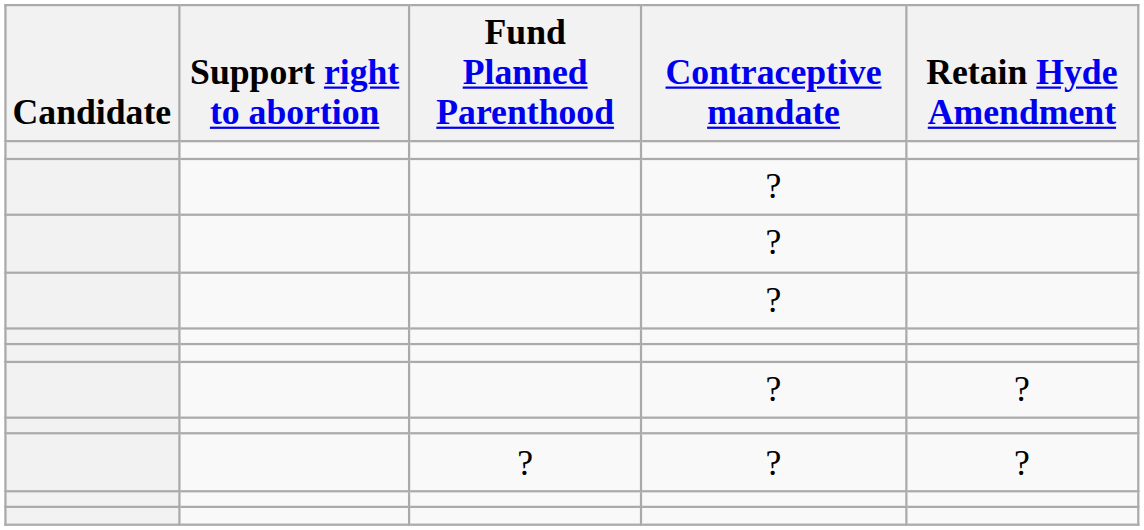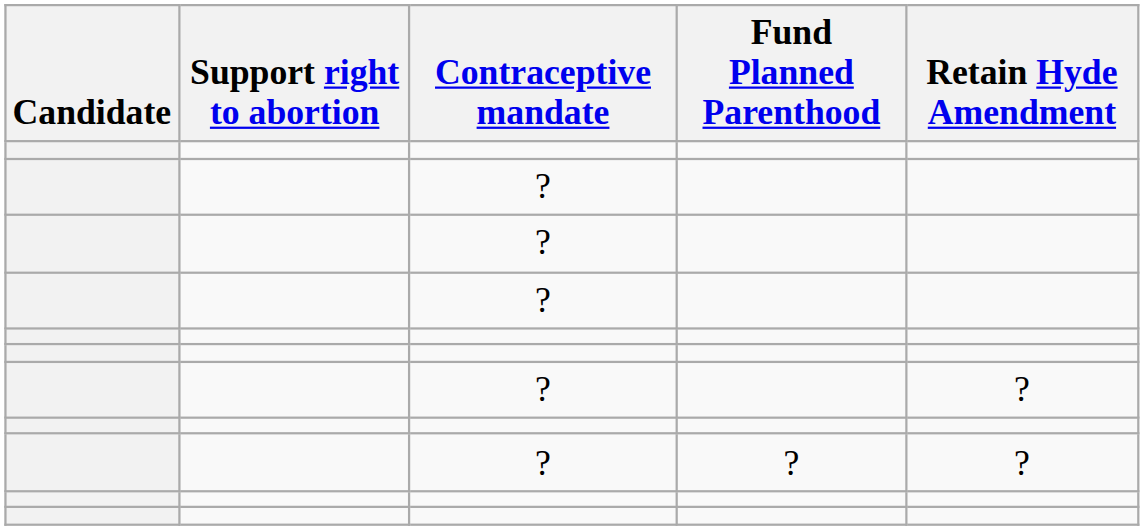 <table class="wikitable sortable" style=margin:auto;table-layout:fixed;text-align:center>
 <tr valign=bottom>
 <th>Candidate</th>
 <th style=max-width:6em>Support <a href='#'>right to abortion</a></th>
+<th style=max-width:7em><a href='#'>Contraceptive mandate</a></th>
 <th style=max-width:6em>Fund <a href='#'>Planned Parenthood</a></th>
-<th style=max-width:7em><a href='#'>Contraceptive mandate</a></th>
 <th style=max-width:6em>Retain <a href='#'>Hyde Amendment</a></th>
 </tr>
 <tr>
 <th></th>
 <td></td>
 <td></td>
 <td></td>
 <td></td>
 </tr>
 <tr>
 <th></th>
 <td></td>
+<td>?</td>
 <td></td>
-<td>?</td>
 <td></td>
 </tr>
 <tr>
 <th></th>
 <td></td>
+<td>?</td>
 <td></td>
-<td>?</td>
 <td></td>
 </tr>
 <tr>
 <th></th>
 <td></td>
+<td>?</td>
 <td></td>
-<td>?</td>
 <td></td>
 </tr>
 <tr>
 <th></th>
 <td></td>
 <td></td>
 <td></td>
 <td></td>
 </tr>
 <tr>
 <th></th>
 <td></td>
 <td></td>
 <td></td>
 <td></td>
 </tr>
 <tr>
 <th></th>
 <td></td>
+<td>?</td>
 <td></td>
-<td>?</td>
 <td>?</td>
 </tr>
 <tr>
 <th></th>
 <td></td>
 <td></td>
 <td></td>
 <td></td>
 </tr>
 <tr>
 <th></th>
 <td></td>
 <td>?</td>
 <td>?</td>
 <td>?</td>
 </tr>
 <tr>
 <th></th>
 <td></td>
 <td></td>
 <td></td>
 <td></td>
 </tr>
 <tr>
 <th></th>
 <td></td>
 <td></td>
 <td></td>
 <td></td>
 </tr>
 </table>
